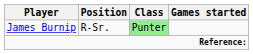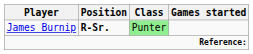 <table class="wikitable">
 <tr>
 <th style="text-align:center; ">Player</th>
 <th style="text-align:center; ">Position</th>
 <th style="text-align:center; ">Class</th>
 <th style="text-align:center; ">Games started</th>
 </tr>
 <tr>
 <td><a href='#'>James Burnip</a></td>
-<td>R-Sr.</td>
+<td><strong>R-Sr.</strong></td>
 <td style="background: lightgreen;">Punter</td>
 </tr>
 <tr>
 <td colspan="4"  style="font-size:8pt; text-align:right;"><strong>Reference:</strong></td>
 </tr>
 </table>
